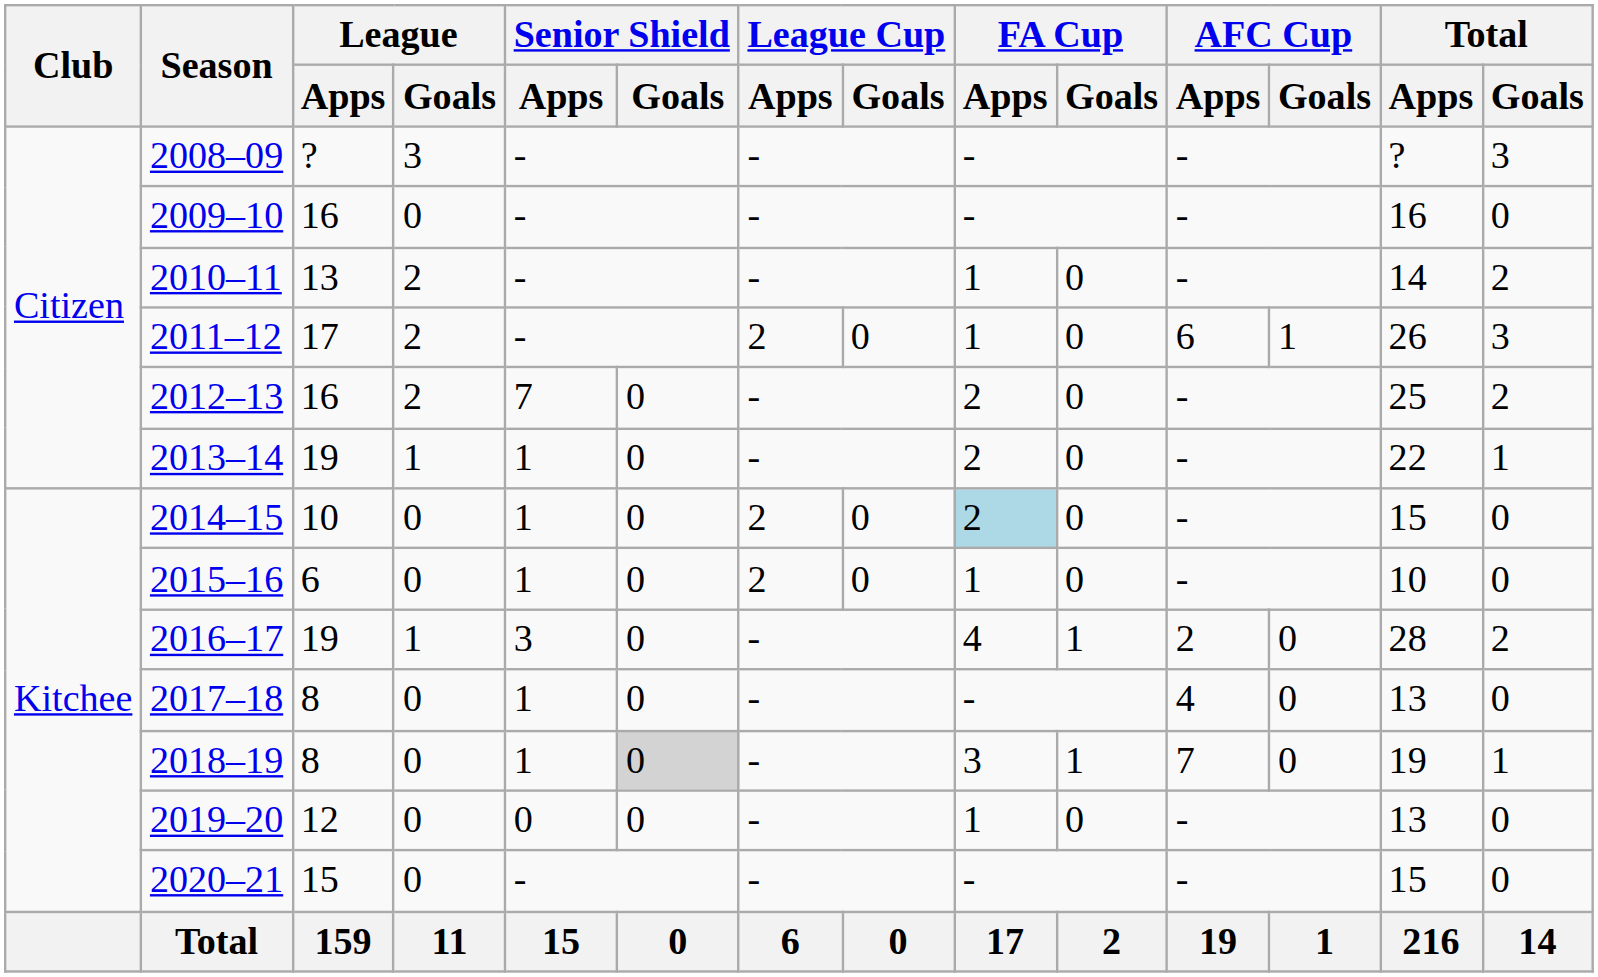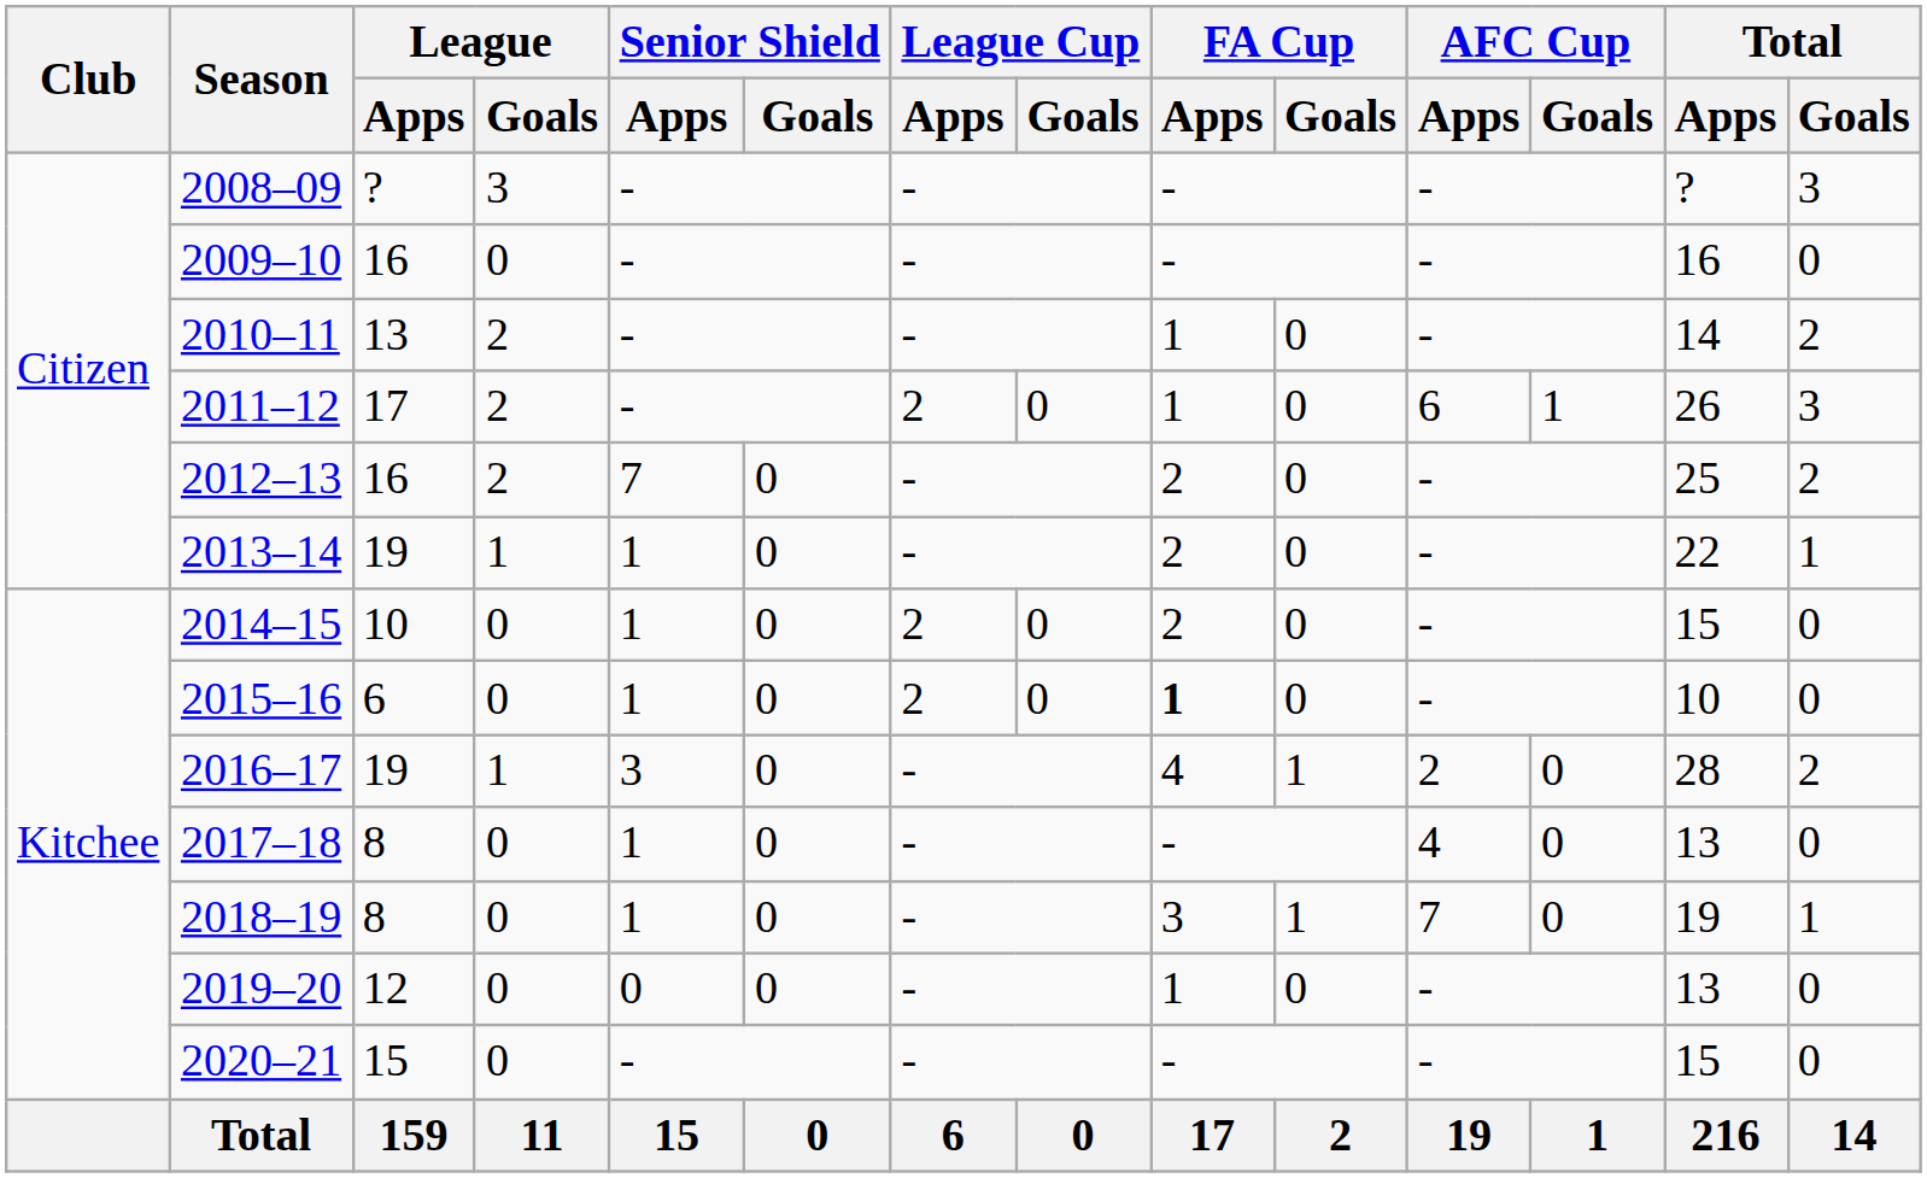 <table class="wikitable">
 <tr>
 <th rowspan="2">Club</th>
 <th rowspan="2">Season</th>
 <th colspan="2">League</th>
 <th colspan="2"><a href='#'>Senior Shield</a></th>
 <th colspan="2"><a href='#'>League Cup</a></th>
 <th colspan="2"><a href='#'>FA Cup</a></th>
 <th colspan="2"><a href='#'>AFC Cup</a></th>
 <th colspan="2">Total</th>
 </tr>
 <tr>
 <th>Apps</th>
 <th>Goals</th>
 <th>Apps</th>
 <th>Goals</th>
 <th>Apps</th>
 <th>Goals</th>
 <th>Apps</th>
 <th>Goals</th>
 <th>Apps</th>
 <th>Goals</th>
 <th>Apps</th>
 <th>Goals</th>
 </tr>
 <tr>
 <td rowspan="6"><a href='#'>Citizen</a></td>
 <td><a href='#'>2008–09</a></td>
 <td>?</td>
 <td>3</td>
 <td colspan="2">-</td>
 <td colspan="2">-</td>
 <td colspan="2">-</td>
 <td colspan="2">-</td>
 <td>?</td>
 <td>3</td>
 </tr>
 <tr>
 <td><a href='#'>2009–10</a></td>
 <td>16</td>
 <td>0</td>
 <td colspan="2">-</td>
 <td colspan="2">-</td>
 <td colspan="2">-</td>
 <td colspan="2">-</td>
 <td>16</td>
 <td>0</td>
 </tr>
 <tr>
 <td><a href='#'>2010–11</a></td>
 <td>13</td>
 <td>2</td>
 <td colspan="2">-</td>
 <td colspan="2">-</td>
 <td>1</td>
 <td>0</td>
 <td colspan="2">-</td>
 <td>14</td>
 <td>2</td>
 </tr>
 <tr>
 <td><a href='#'>2011–12</a></td>
 <td>17</td>
 <td>2</td>
 <td colspan="2">-</td>
 <td>2</td>
 <td>0</td>
 <td>1</td>
 <td>0</td>
 <td>6</td>
 <td>1</td>
 <td>26</td>
 <td>3</td>
 </tr>
 <tr>
 <td><a href='#'>2012–13</a></td>
 <td>16</td>
 <td>2</td>
 <td>7</td>
 <td>0</td>
 <td colspan="2">-</td>
 <td>2</td>
 <td>0</td>
 <td colspan="2">-</td>
 <td>25</td>
 <td>2</td>
 </tr>
 <tr>
 <td><a href='#'>2013–14</a></td>
 <td>19</td>
 <td>1</td>
 <td>1</td>
 <td>0</td>
 <td colspan="2">-</td>
 <td>2</td>
 <td>0</td>
 <td colspan="2">-</td>
 <td>22</td>
 <td>1</td>
 </tr>
 <tr>
 <td rowspan="7"><a href='#'>Kitchee</a></td>
 <td><a href='#'>2014–15</a></td>
 <td>10</td>
 <td>0</td>
 <td>1</td>
 <td>0</td>
 <td>2</td>
 <td>0</td>
-<td style="background: lightblue;">2</td>
+<td>2</td>
 <td>0</td>
 <td colspan="2">-</td>
 <td>15</td>
 <td>0</td>
 </tr>
 <tr>
 <td><a href='#'>2015–16</a></td>
 <td>6</td>
 <td>0</td>
 <td>1</td>
 <td>0</td>
 <td>2</td>
 <td>0</td>
-<td>1</td>
+<td><strong>1</strong></td>
 <td>0</td>
 <td colspan="2">-</td>
 <td>10</td>
 <td>0</td>
 </tr>
 <tr>
 <td><a href='#'>2016–17</a></td>
 <td>19</td>
 <td>1</td>
 <td>3</td>
 <td>0</td>
 <td colspan="2">-</td>
 <td>4</td>
 <td>1</td>
 <td>2</td>
 <td>0</td>
 <td>28</td>
 <td>2</td>
 </tr>
 <tr>
 <td><a href='#'>2017–18</a></td>
 <td>8</td>
 <td>0</td>
 <td>1</td>
 <td>0</td>
 <td colspan="2">-</td>
 <td colspan="2">-</td>
 <td>4</td>
 <td>0</td>
 <td>13</td>
 <td>0</td>
 </tr>
 <tr>
 <td><a href='#'>2018–19</a></td>
 <td>8</td>
 <td>0</td>
 <td>1</td>
-<td style="background: lightgrey;">0</td>
+<td>0</td>
 <td colspan="2">-</td>
 <td>3</td>
 <td>1</td>
 <td>7</td>
 <td>0</td>
 <td>19</td>
 <td>1</td>
 </tr>
 <tr>
 <td><a href='#'>2019–20</a></td>
 <td>12</td>
 <td>0</td>
 <td>0</td>
 <td>0</td>
 <td colspan="2">-</td>
 <td>1</td>
 <td>0</td>
 <td colspan="2">-</td>
 <td>13</td>
 <td>0</td>
 </tr>
 <tr>
 <td><a href='#'>2020–21</a></td>
 <td>15</td>
 <td>0</td>
 <td colspan="2">-</td>
 <td colspan="2">-</td>
 <td colspan="2">-</td>
 <td colspan="2">-</td>
 <td>15</td>
 <td>0</td>
 </tr>
 <tr>
 <th></th>
 <th>Total</th>
 <th>159</th>
 <th>11</th>
 <th>15</th>
 <th>0</th>
 <th>6</th>
 <th>0</th>
 <th>17</th>
 <th>2</th>
 <th>19</th>
 <th>1</th>
 <th>216</th>
 <th>14</th>
 </tr>
 </table>
